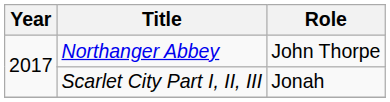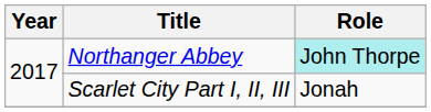 <table class="wikitable sortable">
 <tr>
 <th>Year</th>
 <th>Title</th>
 <th>Role</th>
 </tr>
 <tr>
 <td rowspan="2">2017</td>
 <td><em><a href='#'>Northanger Abbey</a></em></td>
-<td>John Thorpe</td>
+<td style="background: paleturquoise;">John Thorpe</td>
 </tr>
 <tr>
 <td><em>Scarlet City Part I, II, III</em></td>
 <td>Jonah</td>
 </tr>
 <tr>
 </tr>
 </table>
